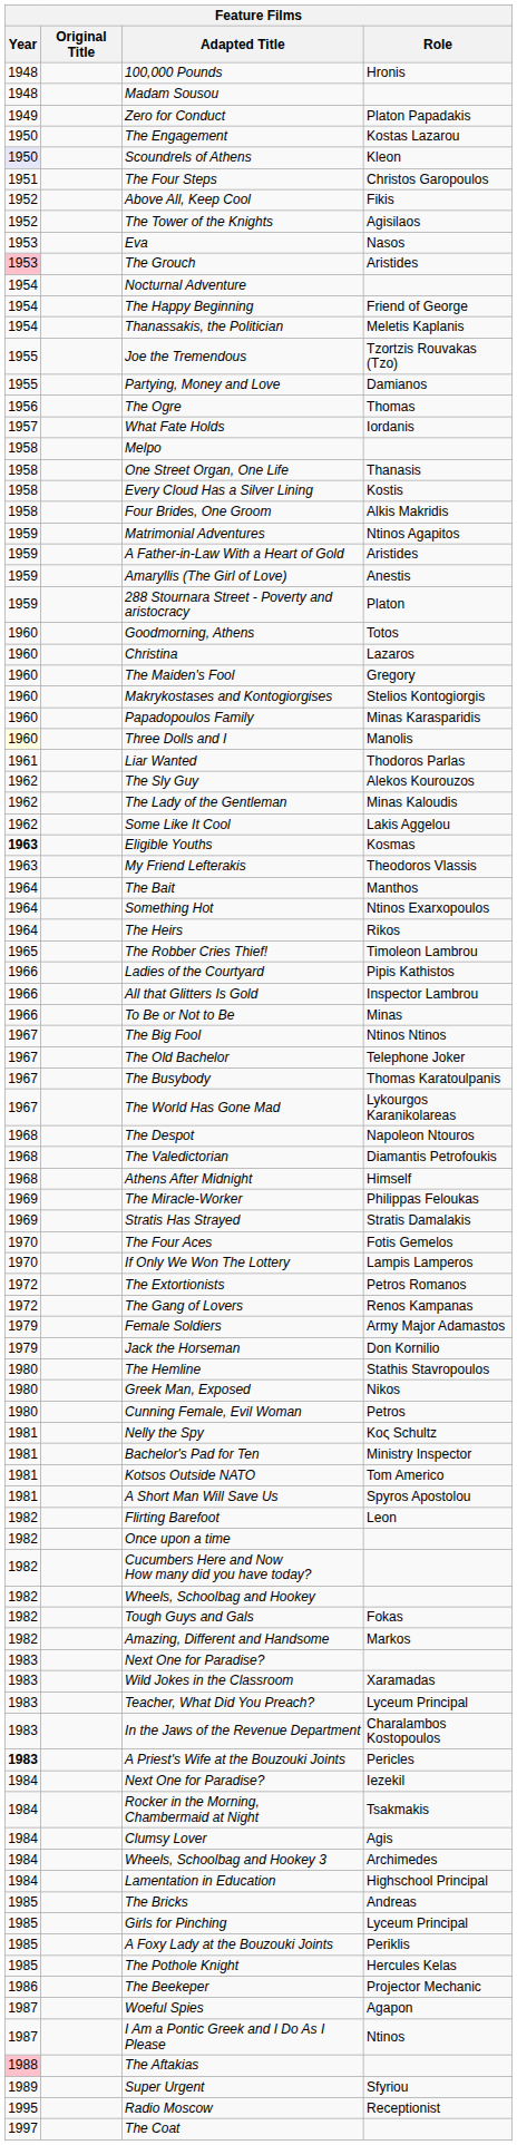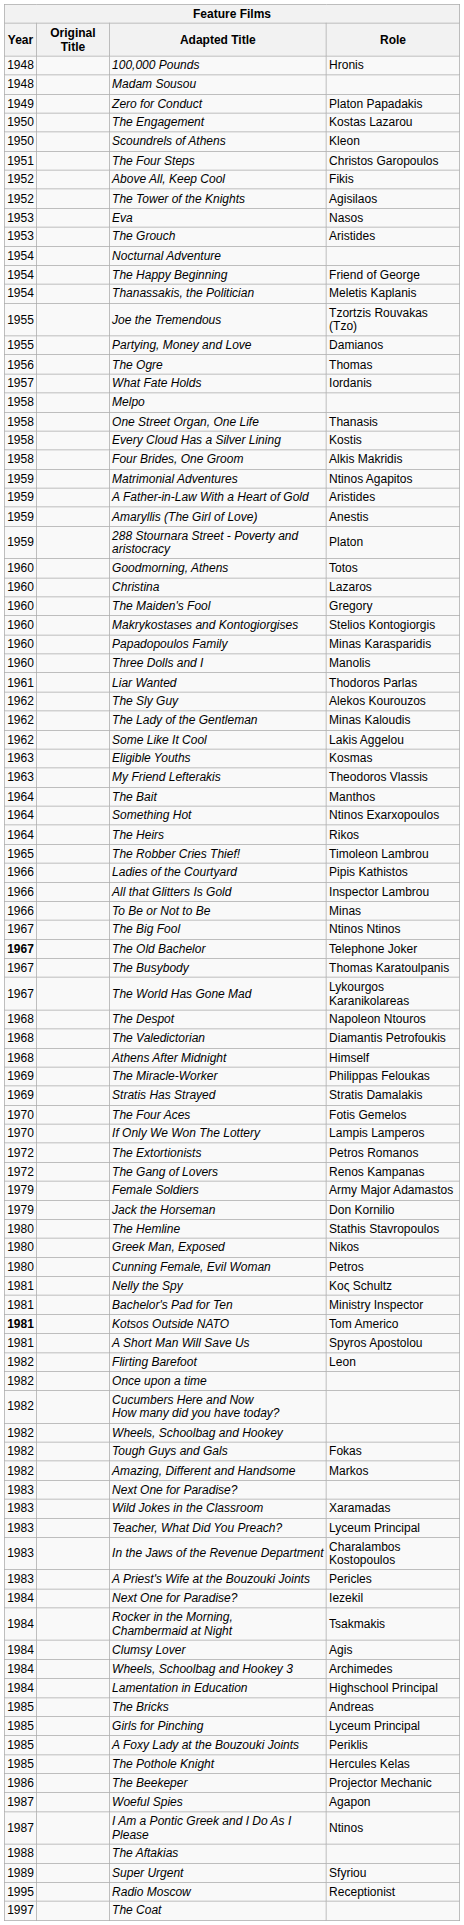 <table class="wikitable">
 <tr>
 <th colspan="4" align="center">Feature Films</th>
 </tr>
 <tr>
 <th>Year</th>
 <th>Original Title</th>
 <th>Adapted Title</th>
 <th>Role</th>
 </tr>
 <tr>
 <td>1948</td>
 <td><em></em></td>
 <td><em>100,000 Pounds</em></td>
 <td>Hronis</td>
 </tr>
 <tr>
 <td>1948</td>
 <td><em></em></td>
 <td><em>Madam Sousou</em></td>
 <td></td>
 </tr>
 <tr>
 <td>1949</td>
 <td><em></em></td>
 <td><em>Zero for Conduct</em></td>
 <td>Platon Papadakis</td>
 </tr>
 <tr>
 <td>1950</td>
 <td><em></em></td>
 <td><em>The Engagement</em></td>
 <td>Kostas Lazarou</td>
 </tr>
 <tr>
-<td style="background: lavender;">1950</td>
+<td>1950</td>
 <td><em></em></td>
 <td><em>Scoundrels of Athens</em></td>
 <td>Kleon</td>
 </tr>
 <tr>
 <td>1951</td>
 <td><em></em></td>
 <td><em>The Four Steps</em></td>
 <td>Christos Garopoulos</td>
 </tr>
 <tr>
 <td>1952</td>
 <td><em></em></td>
 <td><em>Above All, Keep Cool</em></td>
 <td>Fikis</td>
 </tr>
 <tr>
 <td>1952</td>
 <td><em></em></td>
 <td><em>The Tower of the Knights</em></td>
 <td>Agisilaos</td>
 </tr>
 <tr>
 <td>1953</td>
 <td><em></em></td>
 <td><em>Eva</em></td>
 <td>Nasos</td>
 </tr>
 <tr>
-<td style="background: pink;">1953</td>
+<td>1953</td>
 <td><em></em></td>
 <td><em>The Grouch</em></td>
 <td>Aristides</td>
 </tr>
 <tr>
 <td>1954</td>
 <td><em></em></td>
 <td><em>Nocturnal Adventure</em></td>
 <td></td>
 </tr>
 <tr>
 <td>1954</td>
 <td><em></em></td>
 <td><em>The Happy Beginning</em></td>
 <td>Friend of George</td>
 </tr>
 <tr>
 <td>1954</td>
 <td><em></em></td>
 <td><em>Thanassakis, the Politician</em></td>
 <td>Meletis Kaplanis</td>
 </tr>
 <tr>
 <td>1955</td>
 <td><em></em></td>
 <td><em> Joe the Tremendous</em></td>
 <td>Tzortzis Rouvakas (Tzo)</td>
 </tr>
 <tr>
 <td>1955</td>
 <td><em></em></td>
 <td><em>Partying, Money and Love</em></td>
 <td>Damianos</td>
 </tr>
 <tr>
 <td>1956</td>
 <td><em></em></td>
 <td><em>The Ogre</em></td>
 <td>Thomas</td>
 </tr>
 <tr>
 <td>1957</td>
 <td><em></em></td>
 <td><em>What Fate Holds</em></td>
 <td>Iordanis</td>
 </tr>
 <tr>
 <td>1958</td>
 <td><em></em></td>
 <td><em>Melpo</em></td>
 <td></td>
 </tr>
 <tr>
 <td>1958</td>
 <td><em></em></td>
 <td><em>One Street Organ, One Life</em></td>
 <td>Thanasis</td>
 </tr>
 <tr>
 <td>1958</td>
 <td><em></em></td>
 <td><em>Every Cloud Has a Silver Lining</em></td>
 <td>Kostis</td>
 </tr>
 <tr>
 <td>1958</td>
 <td><em></em></td>
 <td><em>Four Brides, One Groom</em></td>
 <td>Alkis Makridis</td>
 </tr>
 <tr>
 <td>1959</td>
 <td><em></em></td>
 <td><em>Matrimonial Adventures</em></td>
 <td>Ntinos Agapitos</td>
 </tr>
 <tr>
 <td>1959</td>
 <td><em></em></td>
 <td><em>A Father-in-Law With a Heart of Gold</em></td>
 <td>Aristides</td>
 </tr>
 <tr>
 <td>1959</td>
 <td><em></em></td>
 <td><em>Amaryllis (The Girl of Love)</em></td>
 <td>Anestis</td>
 </tr>
 <tr>
 <td>1959</td>
 <td><em></em></td>
 <td><em>288 Stournara Street - Poverty and aristocracy</em></td>
 <td>Platon</td>
 </tr>
 <tr>
 <td>1960</td>
 <td><em></em></td>
 <td><em>Goodmorning, Athens</em></td>
 <td>Totos</td>
 </tr>
 <tr>
 <td>1960</td>
 <td><em></em></td>
 <td><em>Christina</em></td>
 <td>Lazaros</td>
 </tr>
 <tr>
 <td>1960</td>
 <td><em></em></td>
 <td><em>The Maiden's Fool</em></td>
 <td>Gregory</td>
 </tr>
 <tr>
 <td>1960</td>
 <td><em></em></td>
 <td><em>Makrykostases and Kontogiorgises</em></td>
 <td>Stelios Kontogiorgis</td>
 </tr>
 <tr>
 <td>1960</td>
 <td><em></em></td>
 <td><em>Papadopoulos Family</em></td>
 <td>Minas Karasparidis</td>
 </tr>
 <tr>
-<td style="background: lightyellow;">1960</td>
+<td>1960</td>
 <td><em></em></td>
 <td><em>Three Dolls and I</em></td>
 <td>Manolis</td>
 </tr>
 <tr>
 <td>1961</td>
 <td><em></em></td>
 <td><em>Liar Wanted</em></td>
 <td>Thodoros Parlas</td>
 </tr>
 <tr>
 <td>1962</td>
 <td><em></em></td>
 <td><em>The Sly Guy</em></td>
 <td>Alekos Kourouzos</td>
 </tr>
 <tr>
 <td>1962</td>
 <td><em></em></td>
 <td><em>The Lady of the Gentleman</em></td>
 <td>Minas Kaloudis</td>
 </tr>
 <tr>
 <td>1962</td>
 <td><em></em></td>
 <td><em>Some Like It Cool</em></td>
 <td>Lakis Aggelou</td>
 </tr>
 <tr>
-<td><strong>1963</strong></td>
+<td>1963</td>
 <td><em></em></td>
 <td><em>Eligible Youths</em></td>
 <td>Kosmas</td>
 </tr>
 <tr>
 <td>1963</td>
 <td><em></em></td>
 <td><em>My Friend Lefterakis</em></td>
 <td>Theodoros Vlassis</td>
 </tr>
 <tr>
 <td>1964</td>
 <td><em></em></td>
 <td><em>The Bait</em></td>
 <td>Manthos</td>
 </tr>
 <tr>
 <td>1964</td>
 <td><em></em></td>
 <td><em>Something Hot</em></td>
 <td>Ntinos Exarxopoulos</td>
 </tr>
 <tr>
 <td>1964</td>
 <td><em></em></td>
 <td><em>The Heirs</em></td>
 <td>Rikos</td>
 </tr>
 <tr>
 <td>1965</td>
 <td><em></em></td>
 <td><em>The Robber Cries Thief!</em></td>
 <td>Timoleon Lambrou</td>
 </tr>
 <tr>
 <td>1966</td>
 <td><em></em></td>
 <td><em>Ladies of the Courtyard</em></td>
 <td>Pipis Kathistos</td>
 </tr>
 <tr>
 <td>1966</td>
 <td><em></em></td>
 <td><em>All that Glitters Is Gold</em></td>
 <td>Inspector Lambrou</td>
 </tr>
 <tr>
 <td>1966</td>
 <td><em></em></td>
 <td><em>To Be or Not to Be</em></td>
 <td>Minas</td>
 </tr>
 <tr>
 <td>1967</td>
 <td><em></em></td>
 <td><em>The Big Fool</em></td>
 <td>Ntinos Ntinos</td>
 </tr>
 <tr>
-<td>1967</td>
+<td><strong>1967</strong></td>
 <td><em></em></td>
 <td><em>The Old Bachelor</em></td>
 <td>Telephone Joker</td>
 </tr>
 <tr>
 <td>1967</td>
 <td><em></em></td>
 <td><em>The Busybody</em></td>
 <td>Thomas Karatoulpanis</td>
 </tr>
 <tr>
 <td>1967</td>
 <td><em></em></td>
 <td><em>The World Has Gone Mad</em></td>
 <td>Lykourgos Karanikolareas</td>
 </tr>
 <tr>
 <td>1968</td>
 <td><em></em></td>
 <td><em>The Despot</em></td>
 <td>Napoleon Ntouros</td>
 </tr>
 <tr>
 <td>1968</td>
 <td><em></em></td>
 <td><em>The Valedictorian</em></td>
 <td>Diamantis Petrofoukis</td>
 </tr>
 <tr>
 <td>1968</td>
 <td><em></em></td>
 <td><em>Athens After Midnight</em></td>
 <td>Himself</td>
 </tr>
 <tr>
 <td>1969</td>
 <td><em></em></td>
 <td><em>The Miracle-Worker</em></td>
 <td>Philippas Feloukas</td>
 </tr>
 <tr>
 <td>1969</td>
 <td><em></em></td>
 <td><em>Stratis Has Strayed</em></td>
 <td>Stratis Damalakis</td>
 </tr>
 <tr>
 <td>1970</td>
 <td><em></em></td>
 <td><em>The Four Aces</em></td>
 <td>Fotis Gemelos</td>
 </tr>
 <tr>
 <td>1970</td>
 <td><em></em></td>
 <td><em>If Only We Won The Lottery</em></td>
 <td>Lampis Lamperos</td>
 </tr>
 <tr>
 <td>1972</td>
 <td><em></em></td>
 <td><em>The Extortionists</em></td>
 <td>Petros Romanos</td>
 </tr>
 <tr>
 <td>1972</td>
 <td><em></em></td>
 <td><em>The Gang of Lovers</em></td>
 <td>Renos Kampanas</td>
 </tr>
 <tr>
 <td>1979</td>
 <td><em></em></td>
 <td><em>Female Soldiers</em></td>
 <td>Army Major Adamastos</td>
 </tr>
 <tr>
 <td>1979</td>
 <td><em></em></td>
 <td><em>Jack the Horseman</em></td>
 <td>Don Kornilio</td>
 </tr>
 <tr>
 <td>1980</td>
 <td><em></em></td>
 <td><em>The Hemline</em></td>
 <td>Stathis Stavropoulos</td>
 </tr>
 <tr>
 <td>1980</td>
 <td><em></em></td>
 <td><em>Greek Man, Exposed</em></td>
 <td>Nikos</td>
 </tr>
 <tr>
 <td>1980</td>
 <td><em></em></td>
 <td><em>Cunning Female, Evil Woman</em></td>
 <td>Petros</td>
 </tr>
 <tr>
 <td>1981</td>
 <td><em></em></td>
 <td><em>Nelly the Spy</em></td>
 <td>Κος Schultz</td>
 </tr>
 <tr>
 <td>1981</td>
 <td><em></em></td>
 <td><em>Bachelor's Pad for Ten</em></td>
 <td>Ministry Inspector</td>
 </tr>
 <tr>
-<td>1981</td>
+<td><strong>1981</strong></td>
 <td><em></em></td>
 <td><em>Kotsos Outside NATO</em></td>
 <td>Tom Americo</td>
 </tr>
 <tr>
 <td>1981</td>
 <td><em></em></td>
 <td><em>A Short Man Will Save Us</em></td>
 <td>Spyros Apostolou</td>
 </tr>
 <tr>
 <td>1982</td>
 <td><em></em></td>
 <td><em>Flirting Barefoot</em></td>
 <td>Leon</td>
 </tr>
 <tr>
 <td>1982</td>
 <td><em></em></td>
 <td><em>Once upon a time</em></td>
 <td></td>
 </tr>
 <tr>
 <td>1982</td>
 <td><em></em></td>
 <td><em>Cucumbers Here and Now</em><br><em>How many did you have today?</em></td>
 <td></td>
 </tr>
 <tr>
 <td>1982</td>
 <td><em></em></td>
 <td><em>Wheels, Schoolbag and Hookey</em></td>
 <td></td>
 </tr>
 <tr>
 <td>1982</td>
 <td><em></em></td>
 <td><em>Tough Guys and Gals</em></td>
 <td>Fokas</td>
 </tr>
 <tr>
 <td>1982</td>
 <td><em></em></td>
 <td><em>Amazing, Different and Handsome</em></td>
 <td>Markos</td>
 </tr>
 <tr>
 <td>1983</td>
 <td><em></em></td>
 <td><em>Next One for Paradise?</em></td>
 <td></td>
 </tr>
 <tr>
 <td>1983</td>
 <td><em></em></td>
 <td><em>Wild Jokes in the Classroom</em></td>
 <td>Xaramadas</td>
 </tr>
 <tr>
 <td>1983</td>
 <td><em></em></td>
 <td><em>Teacher, What Did You Preach?</em></td>
 <td>Lyceum Principal</td>
 </tr>
 <tr>
 <td>1983</td>
 <td><em></em></td>
 <td><em>In the Jaws of the Revenue Department</em></td>
 <td>Charalambos Kostopoulos</td>
 </tr>
 <tr>
-<td><strong>1983</strong></td>
+<td>1983</td>
 <td><em></em></td>
 <td><em>A Priest's Wife at the Bouzouki Joints</em></td>
 <td>Pericles</td>
 </tr>
 <tr>
 <td>1984</td>
 <td><em></em></td>
 <td><em>Next One for Paradise?</em></td>
 <td>Iezekil</td>
 </tr>
 <tr>
 <td>1984</td>
 <td><em></em></td>
 <td><em>Rocker in the Morning, <br>Chambermaid at Night</em></td>
 <td>Tsakmakis</td>
 </tr>
 <tr>
 <td>1984</td>
 <td><em></em></td>
 <td><em>Clumsy Lover</em></td>
 <td>Agis</td>
 </tr>
 <tr>
 <td>1984</td>
 <td><em></em></td>
 <td><em>Wheels, Schoolbag and Hookey 3</em></td>
 <td>Archimedes</td>
 </tr>
 <tr>
 <td>1984</td>
 <td><em></em></td>
 <td><em>Lamentation in Education</em></td>
 <td>Highschool Principal</td>
 </tr>
 <tr>
 <td>1985</td>
 <td><em></em></td>
 <td><em>The Bricks</em></td>
 <td>Andreas</td>
 </tr>
 <tr>
 <td>1985</td>
 <td><em></em></td>
 <td><em>Girls for Pinching</em></td>
 <td>Lyceum Principal</td>
 </tr>
 <tr>
 <td>1985</td>
 <td><em></em></td>
 <td><em>A Foxy Lady at the Bouzouki Joints</em></td>
 <td>Periklis</td>
 </tr>
 <tr>
 <td>1985</td>
 <td><em></em></td>
 <td><em>The Pothole Knight</em></td>
 <td>Hercules Kelas</td>
 </tr>
 <tr>
 <td>1986</td>
 <td><em></em></td>
 <td><em>The Beekeper</em></td>
 <td>Projector Mechanic</td>
 </tr>
 <tr>
 <td>1987</td>
 <td><em></em></td>
 <td><em>Woeful Spies</em></td>
 <td>Agapon</td>
 </tr>
 <tr>
 <td>1987</td>
 <td><em></em></td>
 <td><em>I Am a Pontic Greek and I Do As I Please</em></td>
 <td>Ntinos</td>
 </tr>
 <tr>
-<td style="background: pink;">1988</td>
+<td>1988</td>
 <td><em></em></td>
 <td><em>The Aftakias</em></td>
 <td></td>
 </tr>
 <tr>
 <td>1989</td>
 <td><em></em></td>
 <td><em>Super Urgent </em></td>
 <td>Sfyriou</td>
 </tr>
 <tr>
 <td>1995</td>
 <td><em></em></td>
 <td><em>Radio Moscow</em></td>
 <td>Receptionist</td>
 </tr>
 <tr>
 <td>1997</td>
 <td><em></em></td>
 <td><em>The Coat</em></td>
 <td></td>
 </tr>
 </table>
